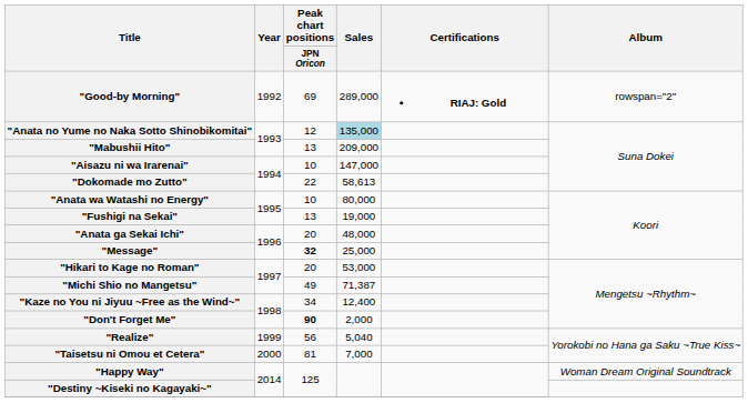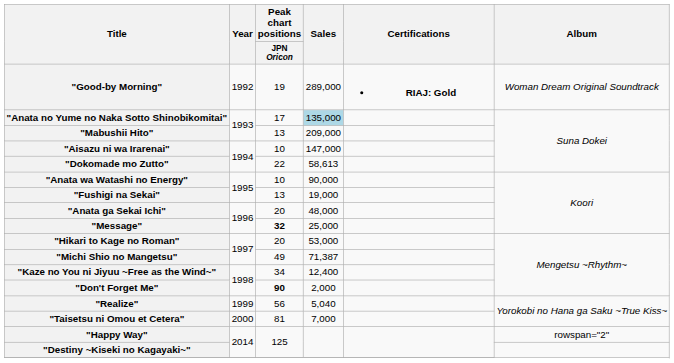 <table class="wikitable plainrowheaders" style="text-align:center;">
 <tr>
 <th scope="col" rowspan="2">Title</th>
 <th scope="col" rowspan="2">Year</th>
 <th scope="col" colspan="1">Peak chart positions</th>
 <th scope="col" rowspan="2">Sales</th>
 <th scope="col" rowspan="2" style="width:15em;">Certifications</th>
 <th scope="col" rowspan="2">Album</th>
 </tr>
 <tr>
 <th style="width:3em;font-size:85%">JPN <em>Oricon</em><br></th>
 </tr>
 <tr>
 <th scope="row">"Good-by Morning"<br></th>
 <td rowspan="1">1992</td>
-<td>69</td>
+<td>19</td>
 <td>289,000</td>
 <td><strong><br><ul><li>RIAJ: Gold</li></ul></strong></td>
-<td>rowspan="2" </td>
+<td><em>Woman Dream Original Soundtrack</em></td>
 </tr>
 <tr>
 <th scope="row">"Anata no Yume no Naka Sotto Shinobikomitai"<br></th>
 <td rowspan="2">1993</td>
-<td>12</td>
+<td>17</td>
 <td style="background: lightblue;">135,000</td>
 <td></td>
 <td rowspan="4"><em>Suna Dokei</em></td>
 </tr>
 <tr>
 <th scope="row">"Mabushii Hito"<br></th>
 <td>13</td>
 <td>209,000</td>
 <td></td>
 </tr>
 <tr>
 <th scope="row">"Aisazu ni wa Irarenai"<br></th>
 <td rowspan="2">1994</td>
 <td>10</td>
 <td>147,000</td>
 <td></td>
 </tr>
 <tr>
 <th scope="row">"Dokomade mo Zutto"<br></th>
 <td>22</td>
 <td>58,613</td>
 <td></td>
 </tr>
 <tr>
 <th scope="row">"Anata wa Watashi no Energy"<br></th>
 <td rowspan="2">1995</td>
 <td>10</td>
-<td>80,000</td>
+<td>90,000</td>
 <td></td>
 <td rowspan="4"><em>Koori</em></td>
 </tr>
 <tr>
 <th scope="row">"Fushigi na Sekai"<br></th>
 <td>13</td>
 <td>19,000</td>
 <td></td>
 </tr>
 <tr>
 <th scope="row">"Anata ga Sekai Ichi"<br></th>
 <td rowspan="2">1996</td>
 <td>20</td>
 <td>48,000</td>
 <td></td>
 </tr>
 <tr>
 <th scope="row">"Message"<br></th>
 <td><strong>32</strong></td>
 <td>25,000</td>
 <td></td>
 </tr>
 <tr>
 <th scope="row">"Hikari to Kage no Roman"<br></th>
 <td rowspan="2">1997</td>
 <td>20</td>
 <td>53,000</td>
 <td></td>
 <td rowspan="4"><em>Mengetsu ~Rhythm~</em></td>
 </tr>
 <tr>
 <th scope="row">"Michi Shio no Mangetsu"<br></th>
 <td>49</td>
 <td>71,387</td>
 <td></td>
 </tr>
 <tr>
 <th scope="row">"Kaze no You ni Jiyuu ~Free as the Wind~"<br></th>
 <td rowspan="2">1998</td>
 <td>34</td>
 <td>12,400</td>
 <td></td>
 </tr>
 <tr>
 <th scope="row">"Don't Forget Me"</th>
 <td><strong>90</strong></td>
 <td>2,000</td>
 <td></td>
 </tr>
 <tr>
 <th scope="row">"Realize"</th>
 <td rowspan="1">1999</td>
 <td>56</td>
 <td>5,040</td>
 <td></td>
 <td rowspan="2"><em>Yorokobi no Hana ga Saku ~True Kiss~</em></td>
 </tr>
 <tr>
 <th scope="row">"Taisetsu ni Omou et Cetera"<br></th>
 <td rowspan="1">2000</td>
 <td>81</td>
 <td>7,000</td>
 <td></td>
 </tr>
 <tr>
 <th scope="row">"Happy Way"</th>
 <td rowspan="2">2014</td>
 <td rowspan="2">125</td>
 <td rowspan="2"></td>
 <td rowspan="2"></td>
-<td><em>Woman Dream Original Soundtrack</em></td>
+<td>rowspan="2" </td>
 </tr>
 <tr>
 <th scope="row">"Destiny ~Kiseki no Kagayaki~"<br></th>
 </tr>
 <tr>
 </tr>
 </table>
